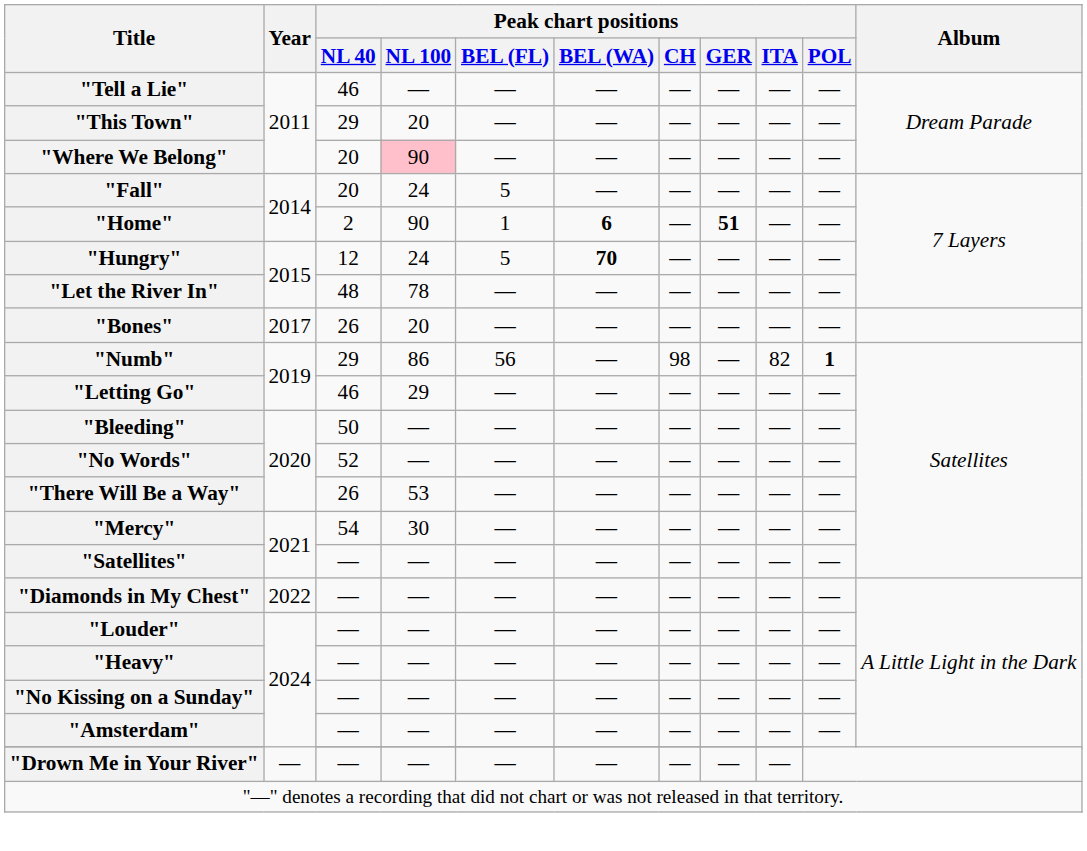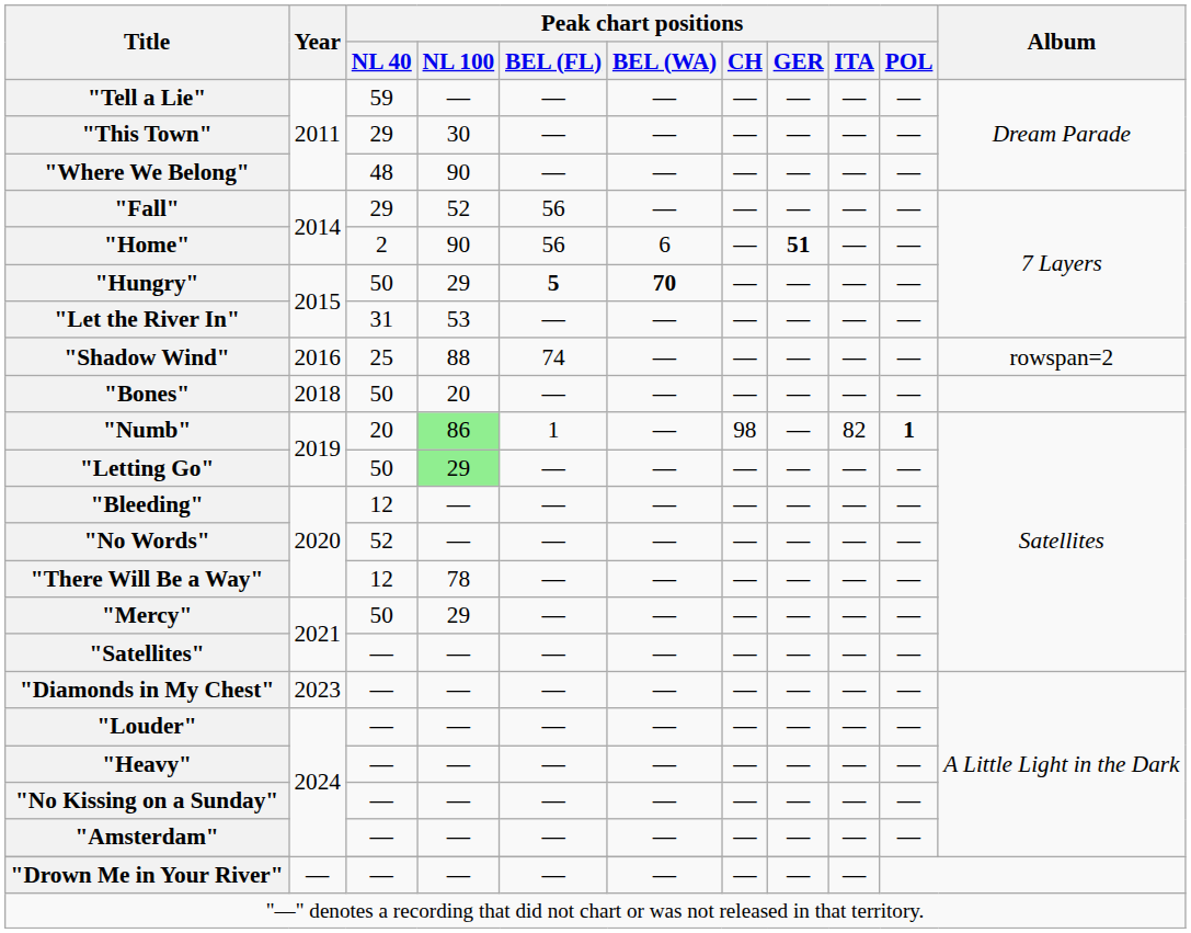 <table class="wikitable plainrowheaders">
 <tr>
 <th scope="col" rowspan="2">Title</th>
 <th scope="col" rowspan="2">Year</th>
 <th scope="colgroup" colspan="8">Peak chart positions</th>
 <th scope="col" rowspan="2">Album</th>
 </tr>
 <tr>
 <th scope="col"><a href='#'>NL 40</a></th>
 <th scope="col"><a href='#'>NL 100</a></th>
 <th scope="col"><a href='#'>BEL (FL)</a></th>
 <th scope="col"><a href='#'>BEL (WA)</a></th>
 <th scope="col"><a href='#'>CH</a></th>
 <th scope="col"><a href='#'>GER</a></th>
 <th scope="col"><a href='#'>ITA</a></th>
 <th scope="col"><a href='#'>POL</a></th>
 </tr>
 <tr style="text-align: center;">
 <th scope="row">"Tell a Lie"</th>
 <td rowspan="3">2011</td>
-<td>46</td>
+<td>59</td>
 <td>—</td>
 <td>—</td>
 <td>—</td>
 <td>—</td>
 <td>—</td>
 <td>—</td>
 <td>—</td>
 <td rowspan="3"><em>Dream Parade</em></td>
 </tr>
 <tr style="text-align: center;">
 <th scope="row">"This Town"</th>
 <td>29</td>
-<td>20</td>
+<td>30</td>
 <td>—</td>
 <td>—</td>
 <td>—</td>
 <td>—</td>
 <td>—</td>
 <td>—</td>
 </tr>
 <tr style="text-align: center;">
 <th scope="row">"Where We Belong"</th>
-<td>20</td>
-<td style="background: pink;">90</td>
+<td>48</td>
+<td>90</td>
 <td>—</td>
 <td>—</td>
 <td>—</td>
 <td>—</td>
 <td>—</td>
 <td>—</td>
 </tr>
 <tr style="text-align: center;">
 <th scope="row">"Fall"</th>
 <td rowspan="2">2014</td>
-<td>20</td>
-<td>24</td>
-<td>5</td>
+<td>29</td>
+<td>52</td>
+<td>56</td>
 <td>—</td>
 <td>—</td>
 <td>—</td>
 <td>—</td>
 <td>—</td>
 <td rowspan="4"><em>7 Layers</em></td>
 </tr>
 <tr style="text-align: center;">
 <th scope="row">"Home"</th>
 <td>2</td>
 <td>90</td>
-<td>1</td>
-<td><strong>6</strong></td>
+<td>56</td>
+<td>6</td>
 <td>—</td>
 <td><strong>51</strong></td>
 <td>—</td>
 <td>—</td>
 </tr>
 <tr style="text-align: center;">
 <th scope="row">"Hungry"</th>
 <td rowspan="2">2015</td>
-<td>12</td>
-<td>24</td>
-<td>5</td>
+<td>50</td>
+<td>29</td>
+<td><strong>5</strong></td>
 <td><strong>70</strong></td>
 <td>—</td>
 <td>—</td>
 <td>—</td>
 <td>—</td>
 </tr>
 <tr style="text-align: center;">
 <th scope="row">"Let the River In"</th>
-<td>48</td>
-<td>78</td>
+<td>31</td>
+<td>53</td>
 <td>—</td>
 <td>—</td>
 <td>—</td>
 <td>—</td>
 <td>—</td>
 <td>—</td>
 </tr>
 <tr style="text-align: center;">
+<th scope="row">"Shadow Wind"</th>
+<td>2016</td>
+<td>25</td>
+<td>88</td>
+<td>74</td>
+<td>—</td>
+<td>—</td>
+<td>—</td>
+<td>—</td>
+<td>—</td>
+<td>rowspan=2 </td>
+</tr>
+<tr style="text-align: center;">
 <th scope="row">"Bones"</th>
-<td>2017</td>
-<td>26</td>
+<td>2018</td>
+<td>50</td>
 <td>20</td>
 <td>—</td>
 <td>—</td>
 <td>—</td>
 <td>—</td>
 <td>—</td>
 <td>—</td>
 </tr>
 <tr style="text-align: center;">
 <th scope="row">"Numb"</th>
 <td rowspan="2">2019</td>
-<td>29</td>
-<td>86</td>
-<td>56</td>
+<td>20</td>
+<td style="background: lightgreen;">86</td>
+<td>1</td>
 <td>—</td>
 <td>98</td>
 <td>—</td>
 <td>82</td>
 <td><strong>1</strong></td>
 <td rowspan="7"><em>Satellites</em></td>
 </tr>
 <tr style="text-align: center;">
 <th scope="row">"Letting Go"</th>
-<td>46</td>
-<td>29</td>
+<td>50</td>
+<td style="background: lightgreen;">29</td>
 <td>—</td>
 <td>—</td>
 <td>—</td>
 <td>—</td>
 <td>—</td>
 <td>—</td>
 </tr>
 <tr style="text-align: center;">
 <th scope="row">"Bleeding" </th>
 <td rowspan="3">2020</td>
-<td>50</td>
+<td>12</td>
 <td>—</td>
 <td>—</td>
 <td>—</td>
 <td>—</td>
 <td>—</td>
 <td>—</td>
 <td>—</td>
 </tr>
 <tr style="text-align: center;">
 <th scope="row">"No Words"</th>
 <td>52</td>
 <td>—</td>
 <td>—</td>
 <td>—</td>
 <td>—</td>
 <td>—</td>
 <td>—</td>
 <td>—</td>
 </tr>
 <tr style="text-align: center;">
 <th scope="row">"There Will Be a Way"</th>
-<td>26</td>
-<td>53</td>
+<td>12</td>
+<td>78</td>
 <td>—</td>
 <td>—</td>
 <td>—</td>
 <td>—</td>
 <td>—</td>
 <td>—</td>
 </tr>
 <tr style="text-align: center;">
 <th scope="row">"Mercy"</th>
 <td rowspan="2">2021</td>
-<td>54</td>
-<td>30</td>
+<td>50</td>
+<td>29</td>
 <td>—</td>
 <td>—</td>
 <td>—</td>
 <td>—</td>
 <td>—</td>
 <td>—</td>
 </tr>
 <tr style="text-align: center;">
 <th scope="row">"Satellites"</th>
 <td>—</td>
 <td>—</td>
 <td>—</td>
 <td>—</td>
 <td>—</td>
 <td>—</td>
 <td>—</td>
 <td>—</td>
 </tr>
 <tr style="text-align: center;">
 <th scope="row">"Diamonds in My Chest"</th>
-<td>2022</td>
+<td>2023</td>
 <td>—</td>
 <td>—</td>
 <td>—</td>
 <td>—</td>
 <td>—</td>
 <td>—</td>
 <td>—</td>
 <td>—</td>
 <td rowspan="6"><em>A Little Light in the Dark</em></td>
 </tr>
 <tr style="text-align: center;">
 <th scope="row">"Louder"</th>
 <td rowspan="5">2024</td>
 <td>—</td>
 <td>—</td>
 <td>—</td>
 <td>—</td>
 <td>—</td>
 <td>—</td>
 <td>—</td>
 <td>—</td>
 </tr>
 <tr style="text-align: center;">
 <th scope="row">"Heavy"</th>
 <td>—</td>
 <td>—</td>
 <td>—</td>
 <td>—</td>
 <td>—</td>
 <td>—</td>
 <td>—</td>
 <td>—</td>
 </tr>
 <tr style="text-align: center;">
 <th scope="row">"No Kissing on a Sunday"</th>
 <td>—</td>
 <td>—</td>
 <td>—</td>
 <td>—</td>
 <td>—</td>
 <td>—</td>
 <td>—</td>
 <td>—</td>
 </tr>
 <tr style="text-align: center;">
 <th scope="row">"Amsterdam"</th>
 <td>—</td>
 <td>—</td>
 <td>—</td>
 <td>—</td>
 <td>—</td>
 <td>—</td>
 <td>—</td>
 <td>—</td>
 </tr>
 <tr>
 </tr>
 <tr style="text-align: center;">
 <th scope="row">"Drown Me in Your River"</th>
 <td>—</td>
 <td>—</td>
 <td>—</td>
 <td>—</td>
 <td>—</td>
 <td>—</td>
 <td>—</td>
 <td>—</td>
 </tr>
 <tr>
 <td colspan="11" style="font-size: 90%; text-align: center;">"—" denotes a recording that did not chart or was not released in that territory.</td>
 </tr>
 </table>
